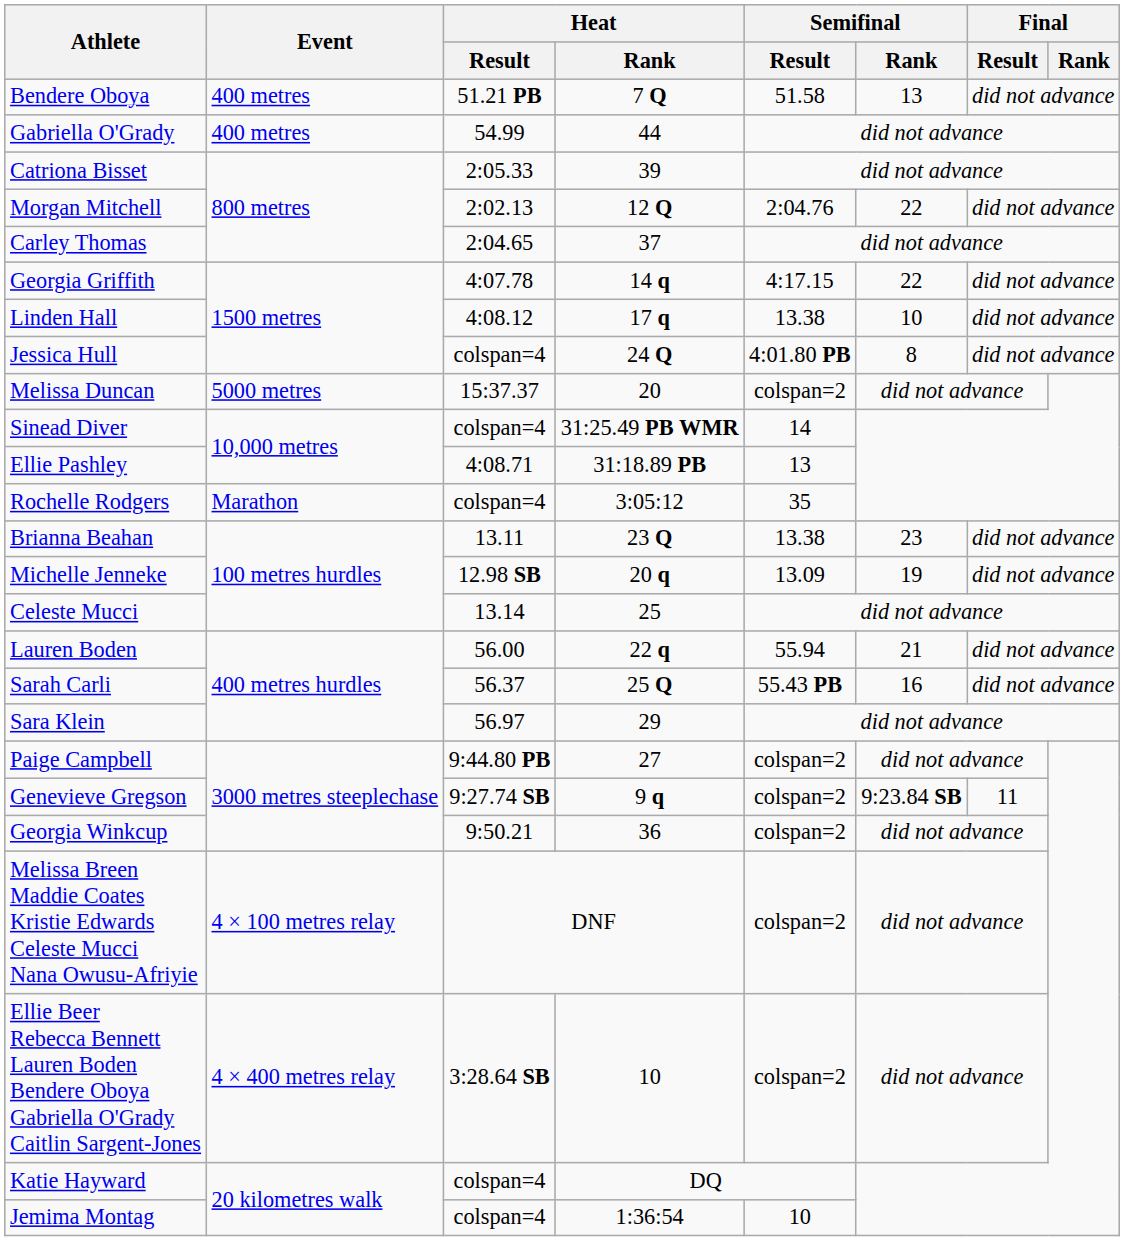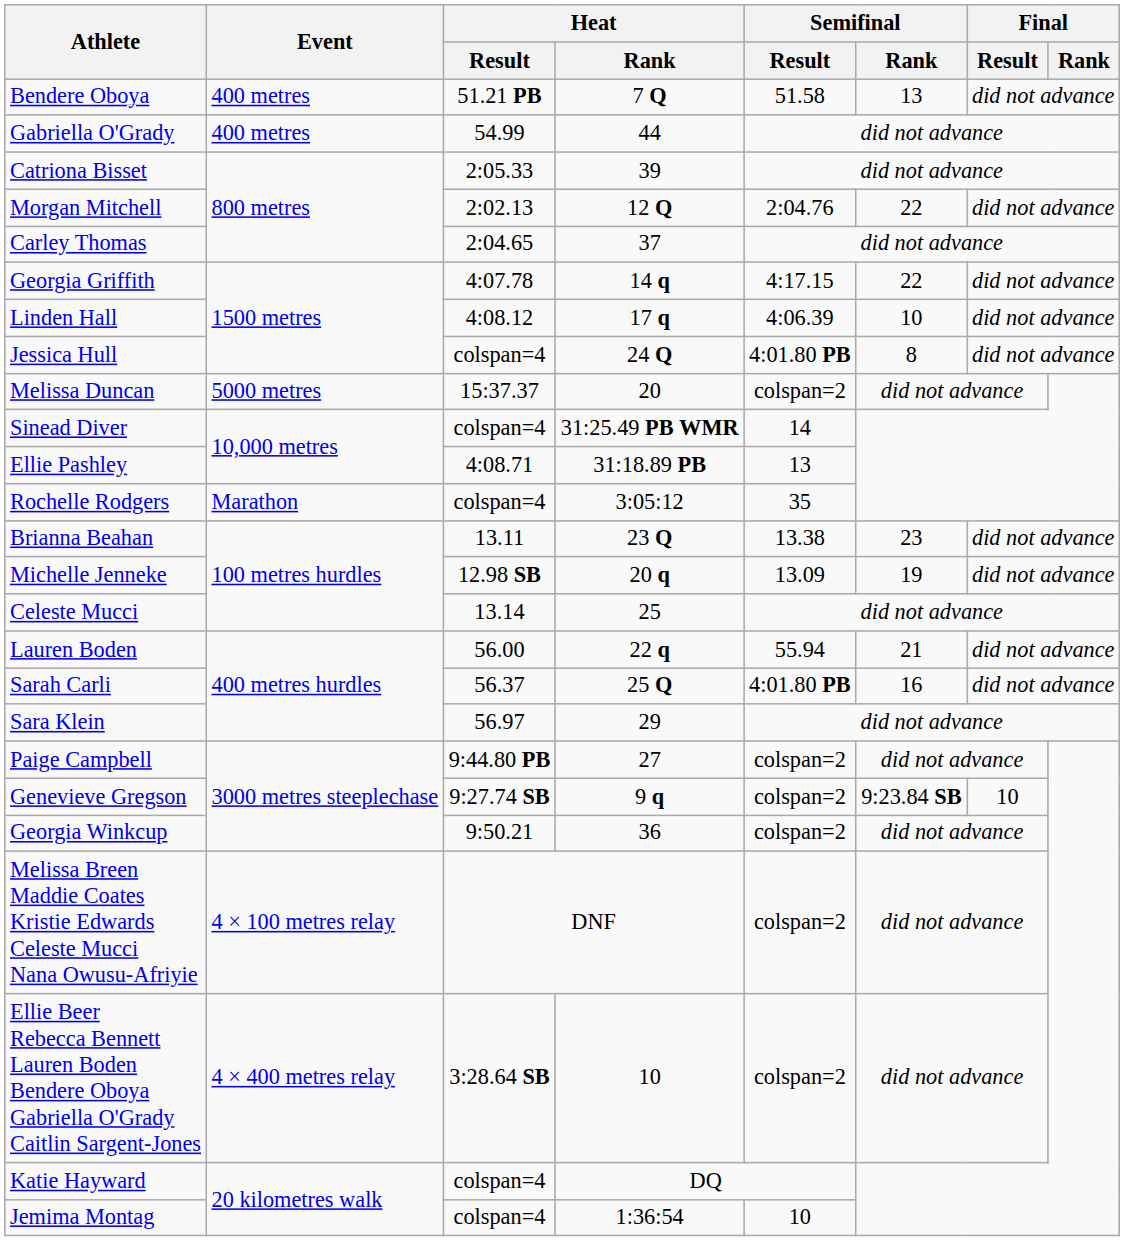 <table class="wikitable"  style=font-size:90%>
 <tr>
 <th rowspan="2">Athlete</th>
 <th rowspan="2">Event</th>
 <th colspan="2">Heat</th>
 <th colspan="2">Semifinal</th>
 <th colspan="2">Final</th>
 </tr>
 <tr>
 <th>Result</th>
 <th>Rank</th>
 <th>Result</th>
 <th>Rank</th>
 <th>Result</th>
 <th>Rank</th>
 </tr>
 <tr style=text-align:center>
 <td style=text-align:left><a href='#'>Bendere Oboya</a></td>
 <td style=text-align:left><a href='#'>400 metres</a></td>
 <td>51.21 <strong>PB</strong></td>
 <td>7 <strong>Q</strong></td>
 <td>51.58</td>
 <td>13</td>
 <td colspan="2"><em>did not advance</em></td>
 </tr>
 <tr style=text-align:center>
 <td style=text-align:left><a href='#'>Gabriella O'Grady</a></td>
 <td style=text-align:left><a href='#'>400 metres</a></td>
 <td>54.99</td>
 <td>44</td>
 <td colspan="4"><em>did not advance</em></td>
 </tr>
 <tr style=text-align:center>
 <td style=text-align:left><a href='#'>Catriona Bisset</a></td>
 <td style=text-align:left rowspan=3><a href='#'>800 metres</a></td>
 <td>2:05.33</td>
 <td>39</td>
 <td colspan="4"><em>did not advance</em></td>
 </tr>
 <tr style=text-align:center>
 <td style=text-align:left><a href='#'>Morgan Mitchell</a></td>
 <td>2:02.13</td>
 <td>12 <strong>Q</strong></td>
 <td>2:04.76</td>
 <td>22</td>
 <td colspan="2"><em>did not advance</em></td>
 </tr>
 <tr style=text-align:center>
 <td style=text-align:left><a href='#'>Carley Thomas</a></td>
 <td>2:04.65</td>
 <td>37</td>
 <td colspan="4"><em>did not advance</em></td>
 </tr>
 <tr style=text-align:center>
 <td style=text-align:left><a href='#'>Georgia Griffith</a></td>
 <td style=text-align:left rowspan=3><a href='#'>1500 metres</a></td>
 <td>4:07.78</td>
 <td>14 <strong>q</strong></td>
 <td>4:17.15</td>
 <td>22</td>
 <td colspan="2"><em>did not advance</em></td>
 </tr>
 <tr style=text-align:center>
 <td style=text-align:left><a href='#'>Linden Hall</a></td>
 <td>4:08.12</td>
 <td>17 <strong>q</strong></td>
-<td>13.38</td>
+<td>4:06.39</td>
 <td>10</td>
 <td colspan="2"><em>did not advance</em></td>
 </tr>
 <tr style=text-align:center>
 <td style=text-align:left><a href='#'>Jessica Hull</a></td>
 <td>colspan=4</td>
 <td>24 <strong>Q</strong></td>
 <td>4:01.80 <strong>PB</strong></td>
 <td>8</td>
 <td colspan="2"><em>did not advance</em></td>
 </tr>
 <tr style=text-align:center>
 <td style=text-align:left><a href='#'>Melissa Duncan</a></td>
 <td style=text-align:left><a href='#'>5000 metres</a></td>
 <td>15:37.37</td>
 <td>20</td>
 <td>colspan=2</td>
 <td colspan="2"><em>did not advance</em></td>
 </tr>
 <tr style=text-align:center>
 <td style=text-align:left><a href='#'>Sinead Diver</a></td>
 <td style=text-align:left rowspan=2><a href='#'>10,000 metres</a></td>
 <td>colspan=4</td>
 <td>31:25.49 <strong>PB</strong> <strong>WMR</strong></td>
 <td>14</td>
 </tr>
 <tr style=text-align:center>
 <td style=text-align:left><a href='#'>Ellie Pashley</a></td>
 <td>4:08.71</td>
 <td>31:18.89 <strong>PB</strong></td>
 <td>13</td>
 </tr>
 <tr style=text-align:center>
 <td style=text-align:left><a href='#'>Rochelle Rodgers</a></td>
 <td style=text-align:left><a href='#'>Marathon</a></td>
 <td>colspan=4</td>
 <td>3:05:12</td>
 <td>35</td>
 </tr>
 <tr style=text-align:center>
 <td style=text-align:left><a href='#'>Brianna Beahan</a></td>
 <td style=text-align:left rowspan=3><a href='#'>100 metres hurdles</a></td>
 <td>13.11</td>
 <td>23 <strong>Q</strong></td>
 <td>13.38</td>
 <td>23</td>
 <td colspan="2"><em>did not advance</em></td>
 </tr>
 <tr style=text-align:center>
 <td style=text-align:left><a href='#'>Michelle Jenneke</a></td>
 <td>12.98 <strong>SB</strong></td>
 <td>20 <strong>q</strong></td>
 <td>13.09</td>
 <td>19</td>
 <td colspan="2"><em>did not advance</em></td>
 </tr>
 <tr style=text-align:center>
 <td style=text-align:left><a href='#'>Celeste Mucci</a></td>
 <td>13.14</td>
 <td>25</td>
 <td colspan="4"><em>did not advance</em></td>
 </tr>
 <tr style=text-align:center>
 <td style=text-align:left><a href='#'>Lauren Boden</a></td>
 <td style=text-align:left rowspan=3><a href='#'>400 metres hurdles</a></td>
 <td>56.00</td>
 <td>22 <strong>q</strong></td>
 <td>55.94</td>
 <td>21</td>
 <td colspan="2"><em>did not advance</em></td>
 </tr>
 <tr style=text-align:center>
 <td style=text-align:left><a href='#'>Sarah Carli</a></td>
 <td>56.37</td>
 <td>25 <strong>Q</strong></td>
-<td>55.43 <strong>PB</strong></td>
+<td>4:01.80 <strong>PB</strong></td>
 <td>16</td>
 <td colspan="2"><em>did not advance</em></td>
 </tr>
 <tr style=text-align:center>
 <td style=text-align:left><a href='#'>Sara Klein</a></td>
 <td>56.97</td>
 <td>29</td>
 <td colspan="4"><em>did not advance</em></td>
 </tr>
 <tr style=text-align:center>
 <td style=text-align:left><a href='#'>Paige Campbell</a></td>
 <td style=text-align:left rowspan=3><a href='#'>3000 metres steeplechase</a></td>
 <td>9:44.80 <strong>PB</strong></td>
 <td>27</td>
 <td>colspan=2</td>
 <td colspan="2"><em>did not advance</em></td>
 </tr>
 <tr style=text-align:center>
 <td style=text-align:left><a href='#'>Genevieve Gregson</a></td>
 <td>9:27.74 <strong>SB</strong></td>
 <td>9 <strong>q</strong></td>
 <td>colspan=2</td>
 <td>9:23.84 <strong>SB</strong></td>
-<td>11</td>
+<td>10</td>
 </tr>
 <tr style=text-align:center>
 <td style=text-align:left><a href='#'>Georgia Winkcup</a></td>
 <td>9:50.21</td>
 <td>36</td>
 <td>colspan=2</td>
 <td colspan="2"><em>did not advance</em></td>
 </tr>
 <tr style=text-align:center>
 <td style=text-align:left><a href='#'>Melissa Breen</a><br><a href='#'>Maddie Coates</a><br><a href='#'>Kristie Edwards</a><br><a href='#'>Celeste Mucci</a><br><a href='#'>Nana Owusu-Afriyie</a></td>
 <td style=text-align:left><a href='#'>4 × 100 metres relay</a></td>
 <td colspan="2">DNF</td>
 <td>colspan=2</td>
 <td colspan="2"><em>did not advance</em></td>
 </tr>
 <tr style=text-align:center>
 <td style=text-align:left><a href='#'>Ellie Beer</a><br><a href='#'>Rebecca Bennett</a><br><a href='#'>Lauren Boden</a><br><a href='#'>Bendere Oboya</a><br><a href='#'>Gabriella O'Grady</a><br><a href='#'>Caitlin Sargent-Jones</a></td>
 <td style=text-align:left><a href='#'>4 × 400 metres relay</a></td>
 <td>3:28.64 <strong>SB</strong></td>
 <td>10</td>
 <td>colspan=2</td>
 <td colspan="2"><em>did not advance</em></td>
 </tr>
 <tr style=text-align:center>
 <td style=text-align:left><a href='#'>Katie Hayward</a></td>
 <td style=text-align:left rowspan=2><a href='#'>20 kilometres walk</a></td>
 <td>colspan=4</td>
 <td colspan="2">DQ</td>
 </tr>
 <tr style=text-align:center>
 <td style=text-align:left><a href='#'>Jemima Montag</a></td>
 <td>colspan=4</td>
 <td>1:36:54</td>
 <td>10</td>
 </tr>
 </table>
